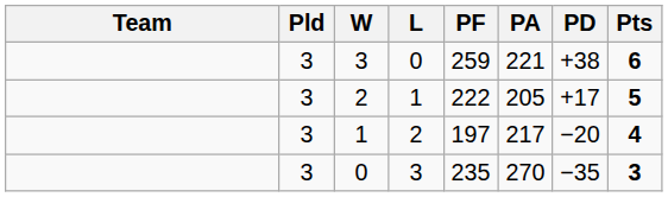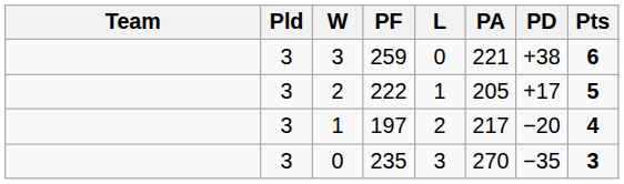 <table class=wikitable style="text-align:center">
 <tr>
 <th width=180>Team</th>
 <th width=30>Pld</th>
 <th width=30>W</th>
+<th width=30>PF</th>
 <th width=30>L</th>
-<th width=30>PF</th>
 <th width=30>PA</th>
 <th width=30>PD</th>
 <th width=30>Pts</th>
 </tr>
 <tr align=center>
 <td align=left></td>
 <td>3</td>
 <td>3</td>
+<td>259</td>
 <td>0</td>
-<td>259</td>
 <td>221</td>
 <td>+38</td>
 <td><strong>6</strong></td>
 </tr>
 <tr align=center>
 <td align=left></td>
 <td>3</td>
 <td>2</td>
+<td>222</td>
 <td>1</td>
-<td>222</td>
 <td>205</td>
 <td>+17</td>
 <td><strong>5</strong></td>
 </tr>
 <tr align=center>
 <td align=left></td>
 <td>3</td>
 <td>1</td>
+<td>197</td>
 <td>2</td>
-<td>197</td>
 <td>217</td>
 <td>−20</td>
 <td><strong>4</strong></td>
 </tr>
 <tr align=center>
 <td align=left></td>
 <td>3</td>
 <td>0</td>
+<td>235</td>
 <td>3</td>
-<td>235</td>
 <td>270</td>
 <td>−35</td>
 <td><strong>3</strong></td>
 </tr>
 </table>
